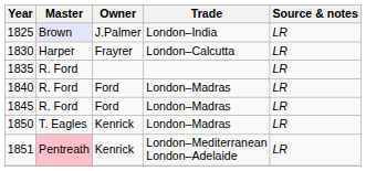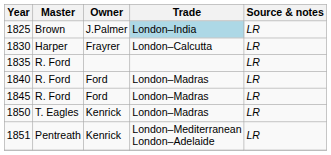 <table class="sortable wikitable">
 <tr>
 <th>Year</th>
 <th>Master</th>
 <th>Owner</th>
 <th>Trade</th>
 <th>Source & notes</th>
 </tr>
 <tr>
 <td>1825</td>
-<td style="background: lavender;">Brown</td>
+<td>Brown</td>
 <td>J.Palmer</td>
-<td>London–India</td>
+<td style="background: lightblue;">London–India</td>
 <td><em>LR</em></td>
 </tr>
 <tr>
 <td>1830</td>
 <td>Harper</td>
 <td>Frayrer</td>
 <td>London–Calcutta</td>
 <td><em>LR</em></td>
 </tr>
 <tr>
 <td>1835</td>
 <td>R. Ford</td>
 <td></td>
 <td></td>
 <td><em>LR</em></td>
 </tr>
 <tr>
 <td>1840</td>
 <td>R. Ford</td>
 <td>Ford</td>
 <td>London–Madras</td>
 <td><em>LR</em></td>
 </tr>
 <tr>
 <td>1845</td>
 <td>R. Ford</td>
 <td>Ford</td>
 <td>London–Madras</td>
 <td><em>LR</em></td>
 </tr>
 <tr>
 <td>1850</td>
 <td>T. Eagles</td>
 <td>Kenrick</td>
 <td>London–Madras</td>
 <td><em>LR</em></td>
 </tr>
 <tr>
 <td>1851</td>
-<td style="background: pink;">Pentreath</td>
+<td>Pentreath</td>
 <td>Kenrick</td>
 <td>London–Mediterranean<br>London–Adelaide</td>
 <td><em>LR</em></td>
 </tr>
 <tr>
 </tr>
 </table>
